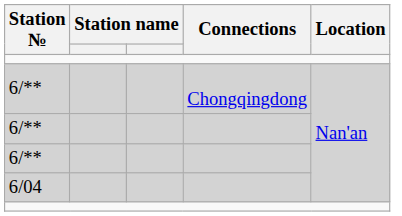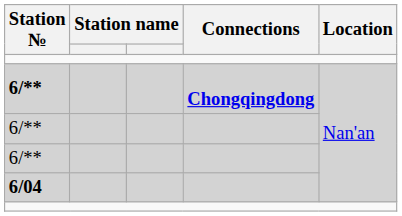 <table class="wikitable">
 <tr>
 <th rowspan="2">Station<br>№</th>
 <th colspan="2">Station name</th>
 <th rowspan="2">Connections</th>
 <th rowspan="2">Location</th>
 </tr>
 <tr>
 <th></th>
 <th></th>
 </tr>
 <tr style="background:#">
 <td colspan = "7"></td>
 </tr>
 <tr bgcolor="lightgrey">
-<td>6/**</td>
+<td><strong>6/**</strong></td>
 <td></td>
 <td></td>
-<td>   <br> <a href='#'>Chongqingdong</a></td>
+<td><strong>   <br> <a href='#'>Chongqingdong</a></strong></td>
 <td rowspan="4"><a href='#'>Nan'an</a></td>
 </tr>
 <tr bgcolor="lightgrey">
 <td>6/**</td>
 <td></td>
 <td></td>
 <td></td>
 </tr>
 <tr bgcolor="lightgrey">
 <td>6/**</td>
 <td></td>
 <td></td>
 <td></td>
 </tr>
 <tr bgcolor="lightgrey">
-<td>6/04</td>
+<td><strong>6/04</strong></td>
 <td></td>
 <td></td>
 <td></td>
 </tr>
 <tr style="background:#">
 <td colspan = "7"></td>
 </tr>
 </table>
